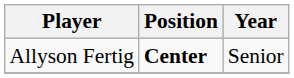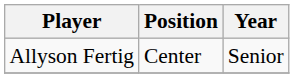 <table class="wikitable">
 <tr align=center>
 <th style= >Player</th>
 <th style= >Position</th>
 <th style= >Year</th>
 </tr>
 <tr>
 <td>Allyson Fertig</td>
-<td><strong>Center</strong></td>
+<td>Center</td>
 <td>Senior</td>
 </tr>
 <tr>
 </tr>
 </table>
